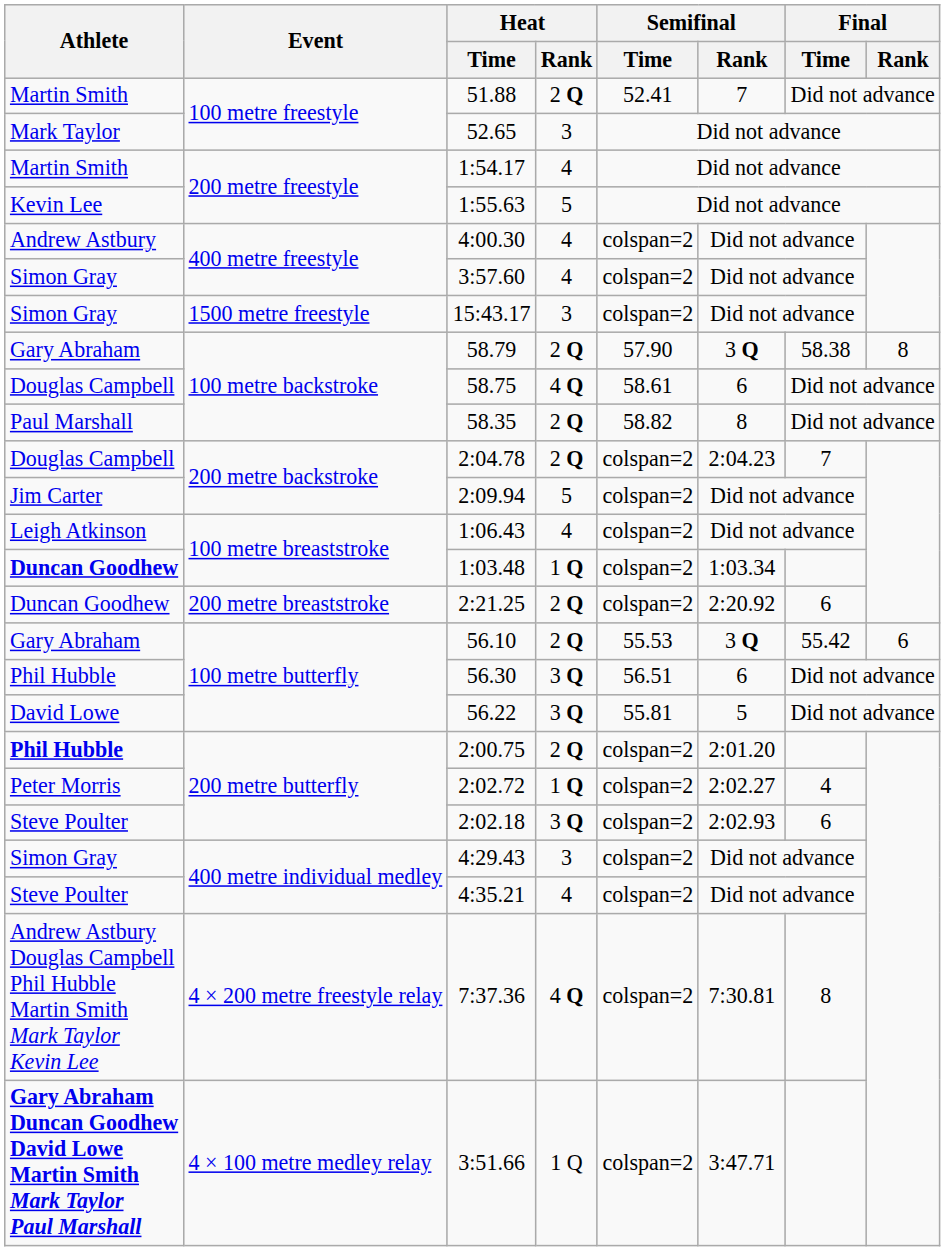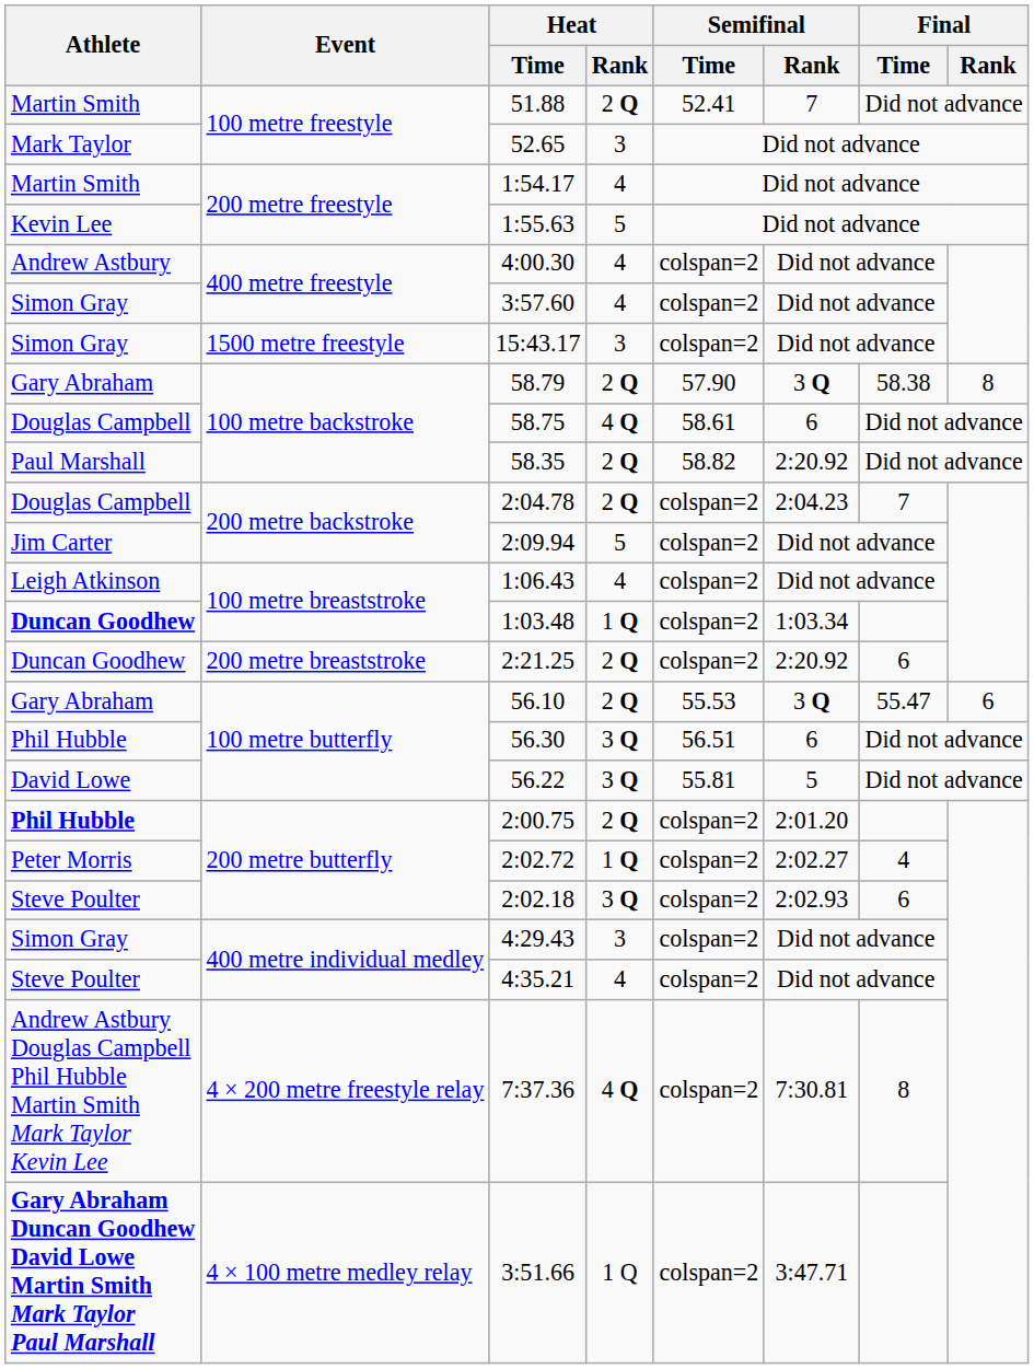 <table class="wikitable" style="font-size:90%;">
 <tr>
 <th rowspan=2>Athlete</th>
 <th rowspan=2>Event</th>
 <th colspan=2>Heat</th>
 <th colspan=2>Semifinal</th>
 <th colspan=2>Final</th>
 </tr>
 <tr>
 <th>Time</th>
 <th>Rank</th>
 <th>Time</th>
 <th>Rank</th>
 <th>Time</th>
 <th>Rank</th>
 </tr>
 <tr align=center>
 <td align=left><a href='#'>Martin Smith</a></td>
 <td align=left rowspan=2><a href='#'>100 metre freestyle</a></td>
 <td>51.88</td>
 <td>2 <strong>Q</strong></td>
 <td>52.41</td>
 <td>7</td>
 <td colspan=2>Did not advance</td>
 </tr>
 <tr align=center>
 <td align=left><a href='#'>Mark Taylor</a></td>
 <td>52.65</td>
 <td>3</td>
 <td colspan=4>Did not advance</td>
 </tr>
 <tr align=center>
 <td align=left><a href='#'>Martin Smith</a></td>
 <td align=left rowspan=2><a href='#'>200 metre freestyle</a></td>
 <td>1:54.17</td>
 <td>4</td>
 <td colspan=4>Did not advance</td>
 </tr>
 <tr align=center>
 <td align=left><a href='#'>Kevin Lee</a></td>
 <td>1:55.63</td>
 <td>5</td>
 <td colspan=4>Did not advance</td>
 </tr>
 <tr align=center>
 <td align=left><a href='#'>Andrew Astbury</a></td>
 <td align=left rowspan=2><a href='#'>400 metre freestyle</a></td>
 <td>4:00.30</td>
 <td>4</td>
 <td>colspan=2 </td>
 <td colspan=2>Did not advance</td>
 </tr>
 <tr align=center>
 <td align=left><a href='#'>Simon Gray</a></td>
 <td>3:57.60</td>
 <td>4</td>
 <td>colspan=2 </td>
 <td colspan=2>Did not advance</td>
 </tr>
 <tr align=center>
 <td align=left><a href='#'>Simon Gray</a></td>
 <td align=left><a href='#'>1500 metre freestyle</a></td>
 <td>15:43.17</td>
 <td>3</td>
 <td>colspan=2 </td>
 <td colspan=2>Did not advance</td>
 </tr>
 <tr align=center>
 <td align=left><a href='#'>Gary Abraham</a></td>
 <td align=left rowspan=3><a href='#'>100 metre backstroke</a></td>
 <td>58.79</td>
 <td>2 <strong>Q</strong></td>
 <td>57.90</td>
 <td>3 <strong>Q</strong></td>
 <td>58.38</td>
 <td>8</td>
 </tr>
 <tr align=center>
 <td align=left><a href='#'>Douglas Campbell</a></td>
 <td>58.75</td>
 <td>4 <strong>Q</strong></td>
 <td>58.61</td>
 <td>6</td>
 <td colspan=2>Did not advance</td>
 </tr>
 <tr align=center>
 <td align=left><a href='#'>Paul Marshall</a></td>
 <td>58.35</td>
 <td>2 <strong>Q</strong></td>
 <td>58.82</td>
-<td>8</td>
+<td>2:20.92</td>
 <td colspan=2>Did not advance</td>
 </tr>
 <tr align=center>
 <td align=left><a href='#'>Douglas Campbell</a></td>
 <td align=left rowspan=2><a href='#'>200 metre backstroke</a></td>
 <td>2:04.78</td>
 <td>2 <strong>Q</strong></td>
 <td>colspan=2 </td>
 <td>2:04.23</td>
 <td>7</td>
 </tr>
 <tr align=center>
 <td align=left><a href='#'>Jim Carter</a></td>
 <td>2:09.94</td>
 <td>5</td>
 <td>colspan=2 </td>
 <td colspan=2>Did not advance</td>
 </tr>
 <tr align=center>
 <td align=left><a href='#'>Leigh Atkinson</a></td>
 <td align=left rowspan=2><a href='#'>100 metre breaststroke</a></td>
 <td>1:06.43</td>
 <td>4</td>
 <td>colspan=2 </td>
 <td colspan=2>Did not advance</td>
 </tr>
 <tr align=center>
 <td align=left><strong><a href='#'>Duncan Goodhew</a></strong></td>
 <td>1:03.48</td>
 <td>1 <strong>Q</strong></td>
 <td>colspan=2 </td>
 <td>1:03.34</td>
 <td></td>
 </tr>
 <tr align=center>
 <td align=left><a href='#'>Duncan Goodhew</a></td>
 <td align=left><a href='#'>200 metre breaststroke</a></td>
 <td>2:21.25</td>
 <td>2 <strong>Q</strong></td>
 <td>colspan=2 </td>
 <td>2:20.92</td>
 <td>6</td>
 </tr>
 <tr align=center>
 <td align=left><a href='#'>Gary Abraham</a></td>
 <td align=left rowspan=3><a href='#'>100 metre butterfly</a></td>
 <td>56.10</td>
 <td>2 <strong>Q</strong></td>
 <td>55.53</td>
 <td>3 <strong>Q</strong></td>
-<td>55.42</td>
+<td>55.47</td>
 <td>6</td>
 </tr>
 <tr align=center>
 <td align=left><a href='#'>Phil Hubble</a></td>
 <td>56.30</td>
 <td>3 <strong>Q</strong></td>
 <td>56.51</td>
 <td>6</td>
 <td colspan=2>Did not advance</td>
 </tr>
 <tr align=center>
 <td align=left><a href='#'>David Lowe</a></td>
 <td>56.22</td>
 <td>3 <strong>Q</strong></td>
 <td>55.81</td>
 <td>5</td>
 <td colspan=2>Did not advance</td>
 </tr>
 <tr align=center>
 <td align=left><strong><a href='#'>Phil Hubble</a></strong></td>
 <td align=left rowspan=3><a href='#'>200 metre butterfly</a></td>
 <td>2:00.75</td>
 <td>2 <strong>Q</strong></td>
 <td>colspan=2 </td>
 <td>2:01.20</td>
 <td></td>
 </tr>
 <tr align=center>
 <td align=left><a href='#'>Peter Morris</a></td>
 <td>2:02.72</td>
 <td>1 <strong>Q</strong></td>
 <td>colspan=2 </td>
 <td>2:02.27</td>
 <td>4</td>
 </tr>
 <tr align=center>
 <td align=left><a href='#'>Steve Poulter</a></td>
 <td>2:02.18</td>
 <td>3 <strong>Q</strong></td>
 <td>colspan=2 </td>
 <td>2:02.93</td>
 <td>6</td>
 </tr>
 <tr align=center>
 <td align=left><a href='#'>Simon Gray</a></td>
 <td align=left rowspan=2><a href='#'>400 metre individual medley</a></td>
 <td>4:29.43</td>
 <td>3</td>
 <td>colspan=2 </td>
 <td colspan=2>Did not advance</td>
 </tr>
 <tr align=center>
 <td align=left><a href='#'>Steve Poulter</a></td>
 <td>4:35.21</td>
 <td>4</td>
 <td>colspan=2 </td>
 <td colspan=2>Did not advance</td>
 </tr>
 <tr align=center>
 <td align=left><a href='#'>Andrew Astbury</a><br><a href='#'>Douglas Campbell</a><br><a href='#'>Phil Hubble</a><br><a href='#'>Martin Smith</a><br><em><a href='#'>Mark Taylor</a><br><a href='#'>Kevin Lee</a></em></td>
 <td align=left><a href='#'>4 × 200 metre freestyle relay</a></td>
 <td>7:37.36</td>
 <td>4 <strong>Q</strong></td>
 <td>colspan=2 </td>
 <td>7:30.81</td>
 <td>8</td>
 </tr>
 <tr align=center>
 <td align=left><strong><a href='#'>Gary Abraham</a><br><a href='#'>Duncan Goodhew</a><br><a href='#'>David Lowe</a><br><a href='#'>Martin Smith</a><br><em><a href='#'>Mark Taylor</a><br><a href='#'>Paul Marshall</a><strong><em></td>
 <td align=left><a href='#'>4 × 100 metre medley relay</a></td>
 <td>3:51.66</td>
 <td>1 </strong>Q<strong></td>
 <td>colspan=2 </td>
 <td>3:47.71</td>
 <td></td>
 </tr>
 </table>
